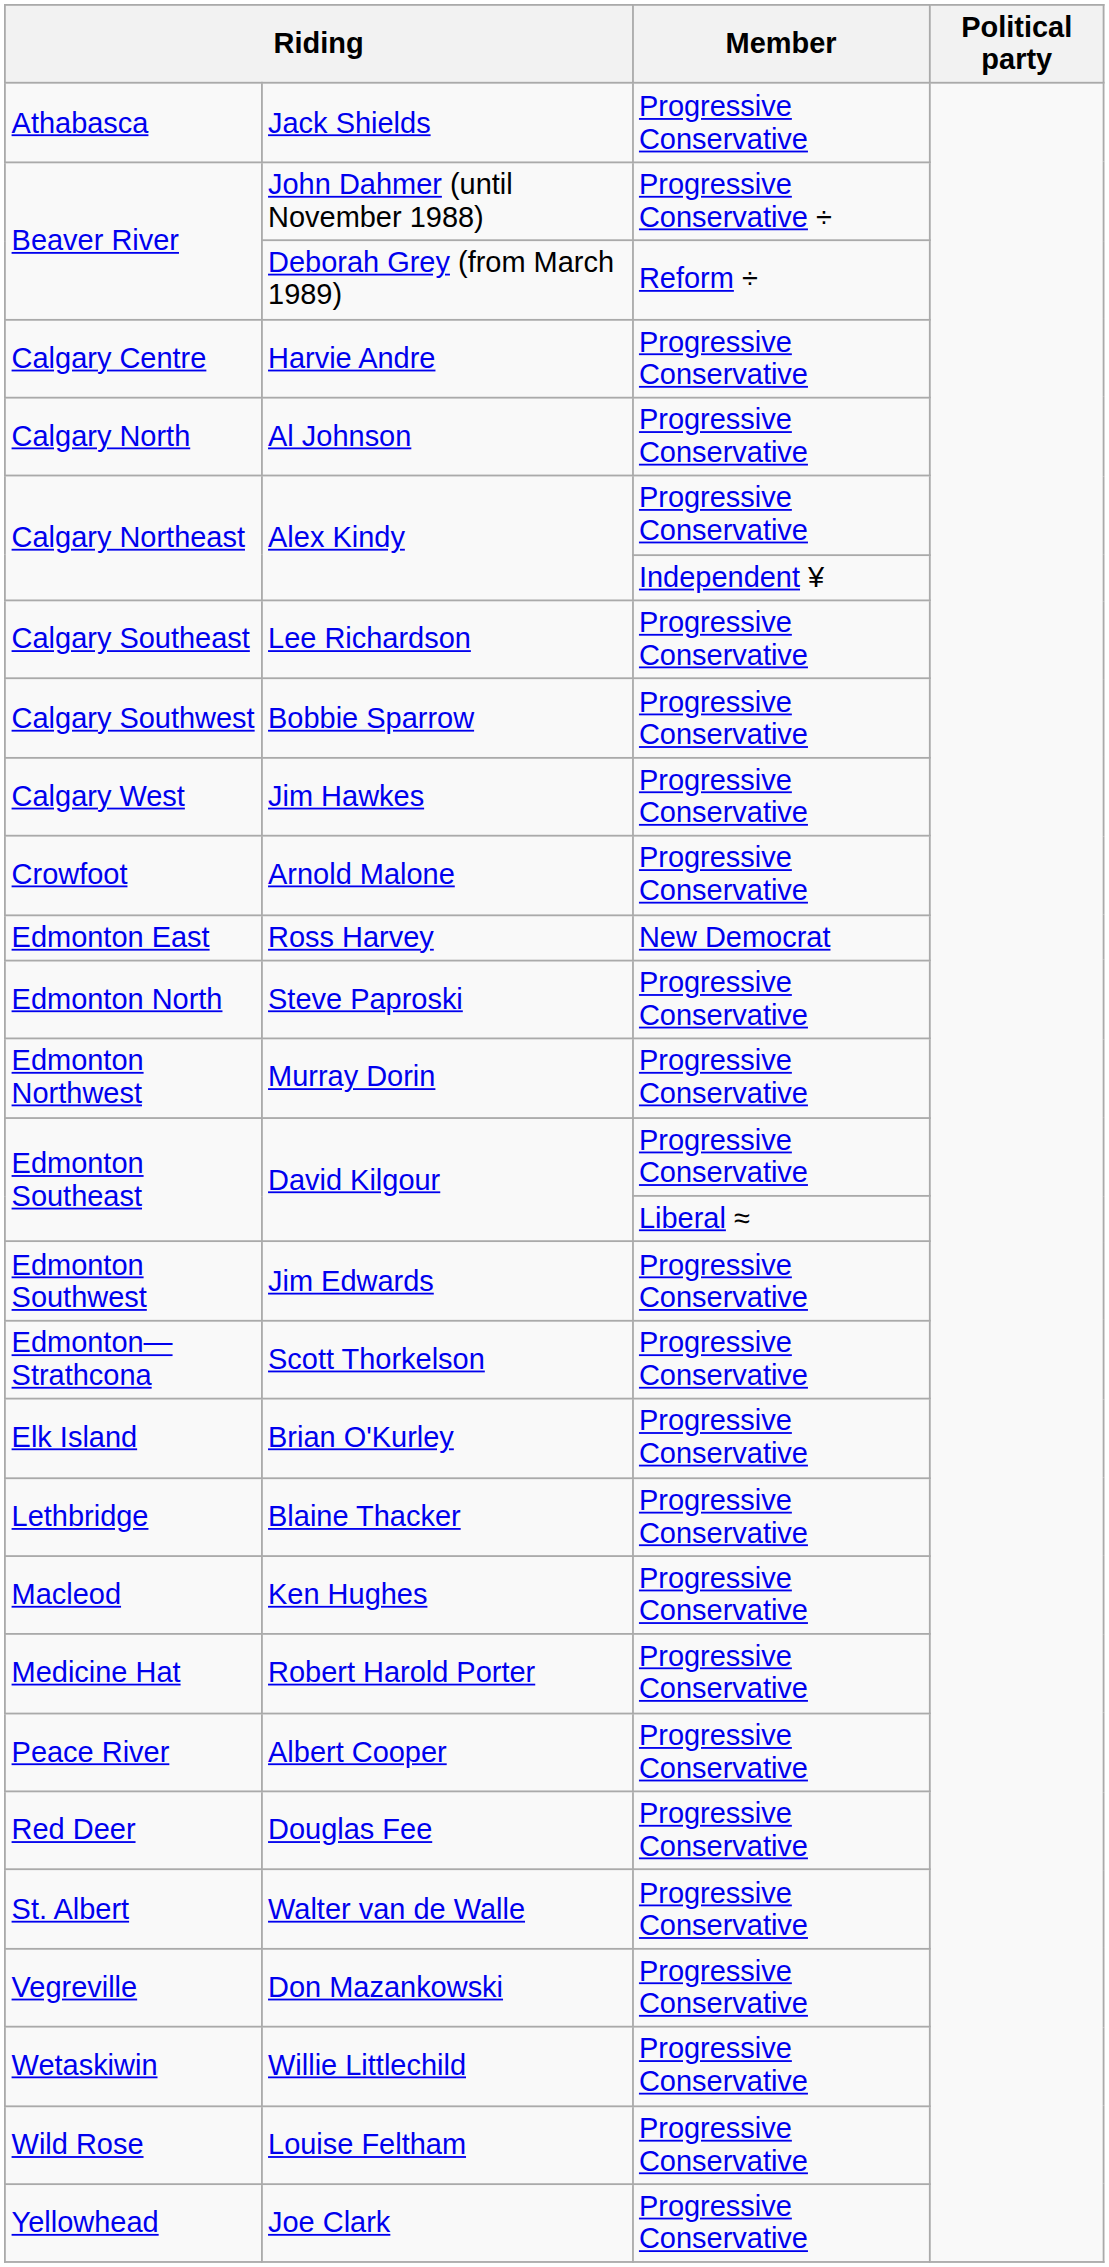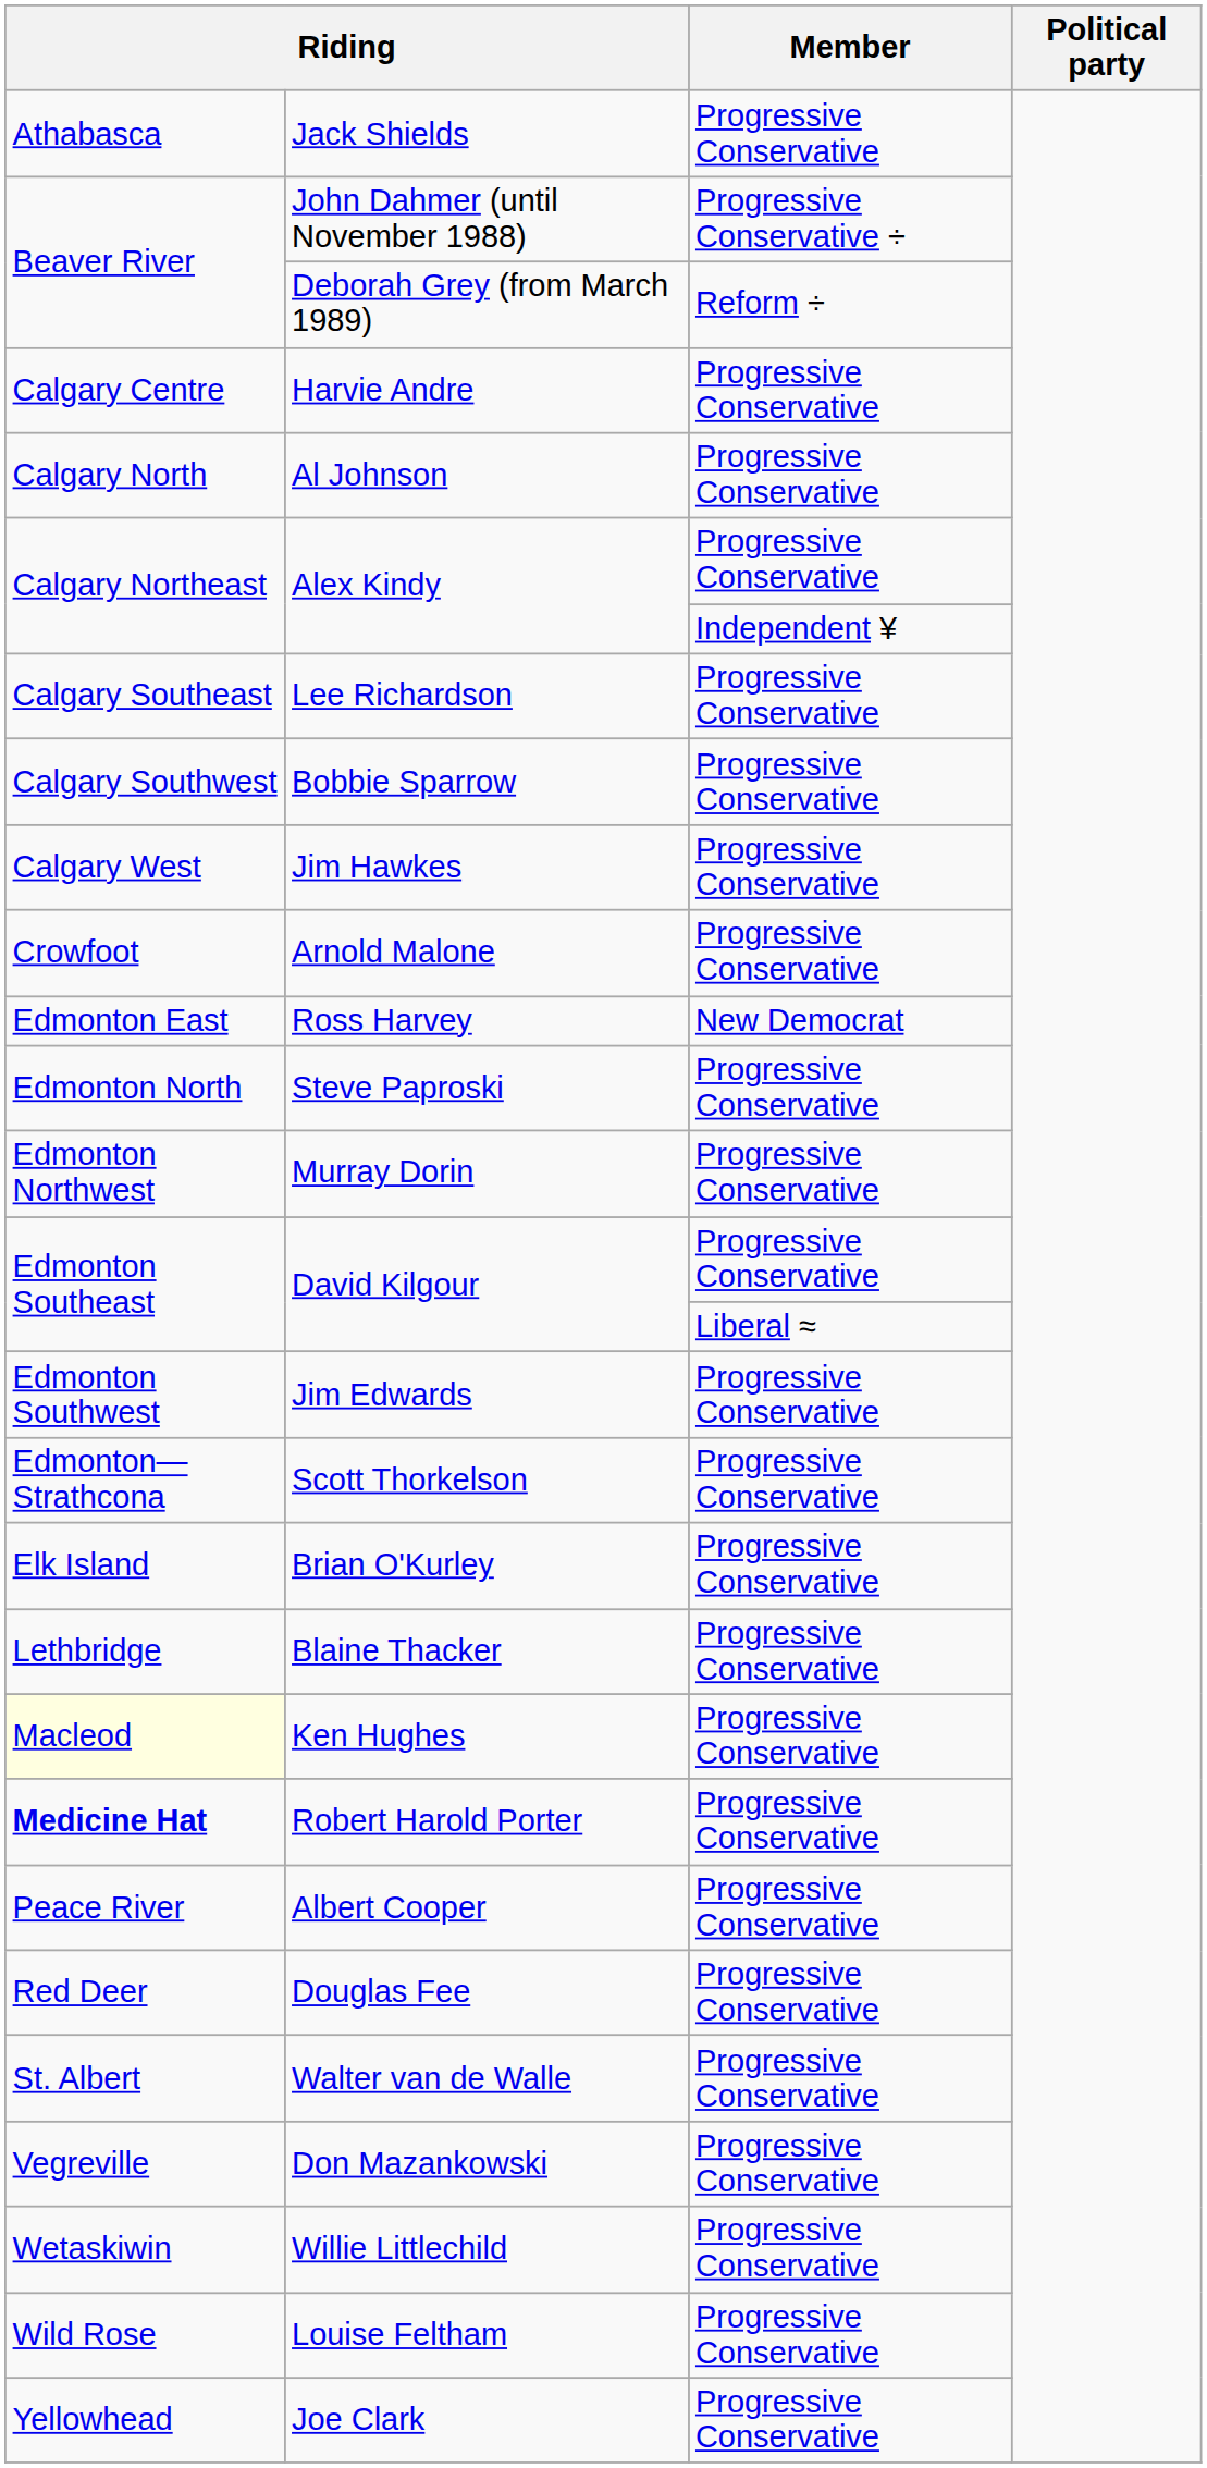 <table class=wikitable>
 <tr>
 <th colspan="2">Riding</th>
 <th>Member</th>
 <th>Political party</th>
 </tr>
 <tr>
 <td><a href='#'>Athabasca</a></td>
 <td><a href='#'>Jack Shields</a></td>
 <td><a href='#'>Progressive Conservative</a></td>
 </tr>
 <tr>
 <td rowspan=2><a href='#'>Beaver River</a></td>
 <td><a href='#'>John Dahmer</a> (until November 1988)</td>
 <td><a href='#'>Progressive Conservative</a> ÷</td>
 </tr>
 <tr>
 <td><a href='#'>Deborah Grey</a> (from March 1989)</td>
 <td><a href='#'>Reform</a> ÷</td>
 </tr>
 <tr>
 <td><a href='#'>Calgary Centre</a></td>
 <td><a href='#'>Harvie Andre</a></td>
 <td><a href='#'>Progressive Conservative</a></td>
 </tr>
 <tr>
 <td><a href='#'>Calgary North</a></td>
 <td><a href='#'>Al Johnson</a></td>
 <td><a href='#'>Progressive Conservative</a></td>
 </tr>
 <tr>
 <td rowspan=2><a href='#'>Calgary Northeast</a></td>
 <td rowspan=2><a href='#'>Alex Kindy</a></td>
 <td><a href='#'>Progressive Conservative</a></td>
 </tr>
 <tr>
 <td><a href='#'>Independent</a> ¥</td>
 </tr>
 <tr>
 <td><a href='#'>Calgary Southeast</a></td>
 <td><a href='#'>Lee Richardson</a></td>
 <td><a href='#'>Progressive Conservative</a></td>
 </tr>
 <tr>
 <td><a href='#'>Calgary Southwest</a></td>
 <td><a href='#'>Bobbie Sparrow</a></td>
 <td><a href='#'>Progressive Conservative</a></td>
 </tr>
 <tr>
 <td><a href='#'>Calgary West</a></td>
 <td><a href='#'>Jim Hawkes</a></td>
 <td><a href='#'>Progressive Conservative</a></td>
 </tr>
 <tr>
 <td><a href='#'>Crowfoot</a></td>
 <td><a href='#'>Arnold Malone</a></td>
 <td><a href='#'>Progressive Conservative</a></td>
 </tr>
 <tr>
 <td><a href='#'>Edmonton East</a></td>
 <td><a href='#'>Ross Harvey</a></td>
 <td><a href='#'>New Democrat</a></td>
 </tr>
 <tr>
 <td><a href='#'>Edmonton North</a></td>
 <td><a href='#'>Steve Paproski</a></td>
 <td><a href='#'>Progressive Conservative</a></td>
 </tr>
 <tr>
 <td><a href='#'>Edmonton Northwest</a></td>
 <td><a href='#'>Murray Dorin</a></td>
 <td><a href='#'>Progressive Conservative</a></td>
 </tr>
 <tr>
 <td rowspan="2"><a href='#'>Edmonton Southeast</a></td>
 <td rowspan="2"><a href='#'>David Kilgour</a></td>
 <td><a href='#'>Progressive Conservative</a></td>
 </tr>
 <tr>
 <td><a href='#'>Liberal</a> ≈</td>
 </tr>
 <tr>
 <td><a href='#'>Edmonton Southwest</a></td>
 <td><a href='#'>Jim Edwards</a></td>
 <td><a href='#'>Progressive Conservative</a></td>
 </tr>
 <tr>
 <td><a href='#'>Edmonton—Strathcona</a></td>
 <td><a href='#'>Scott Thorkelson</a></td>
 <td><a href='#'>Progressive Conservative</a></td>
 </tr>
 <tr>
 <td><a href='#'>Elk Island</a></td>
 <td><a href='#'>Brian O'Kurley</a></td>
 <td><a href='#'>Progressive Conservative</a></td>
 </tr>
 <tr>
 <td><a href='#'>Lethbridge</a></td>
 <td><a href='#'>Blaine Thacker</a></td>
 <td><a href='#'>Progressive Conservative</a></td>
 </tr>
 <tr>
-<td><a href='#'>Macleod</a></td>
+<td style="background: lightyellow;"><a href='#'>Macleod</a></td>
 <td><a href='#'>Ken Hughes</a></td>
 <td><a href='#'>Progressive Conservative</a></td>
 </tr>
 <tr>
-<td><a href='#'>Medicine Hat</a></td>
+<td><strong><a href='#'>Medicine Hat</a></strong></td>
 <td><a href='#'>Robert Harold Porter</a></td>
 <td><a href='#'>Progressive Conservative</a></td>
 </tr>
 <tr>
 <td><a href='#'>Peace River</a></td>
 <td><a href='#'>Albert Cooper</a></td>
 <td><a href='#'>Progressive Conservative</a></td>
 </tr>
 <tr>
 <td><a href='#'>Red Deer</a></td>
 <td><a href='#'>Douglas Fee</a></td>
 <td><a href='#'>Progressive Conservative</a></td>
 </tr>
 <tr>
 <td><a href='#'>St. Albert</a></td>
 <td><a href='#'>Walter van de Walle</a></td>
 <td><a href='#'>Progressive Conservative</a></td>
 </tr>
 <tr>
 <td><a href='#'>Vegreville</a></td>
 <td><a href='#'>Don Mazankowski</a></td>
 <td><a href='#'>Progressive Conservative</a></td>
 </tr>
 <tr>
 <td><a href='#'>Wetaskiwin</a></td>
 <td><a href='#'>Willie Littlechild</a></td>
 <td><a href='#'>Progressive Conservative</a></td>
 </tr>
 <tr>
 <td><a href='#'>Wild Rose</a></td>
 <td><a href='#'>Louise Feltham</a></td>
 <td><a href='#'>Progressive Conservative</a></td>
 </tr>
 <tr>
 <td><a href='#'>Yellowhead</a></td>
 <td><a href='#'>Joe Clark</a></td>
 <td><a href='#'>Progressive Conservative</a></td>
 </tr>
 </table>
